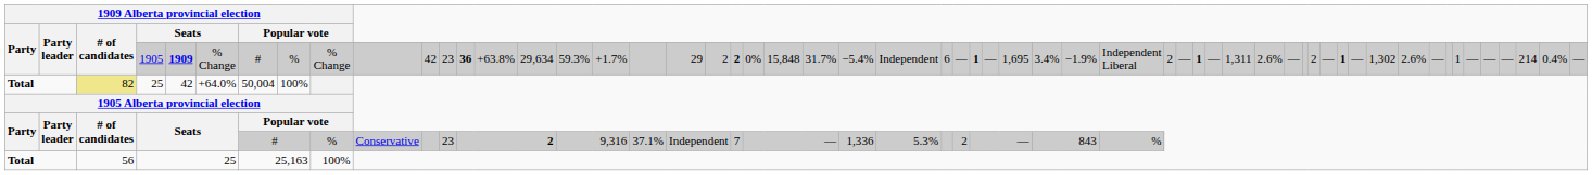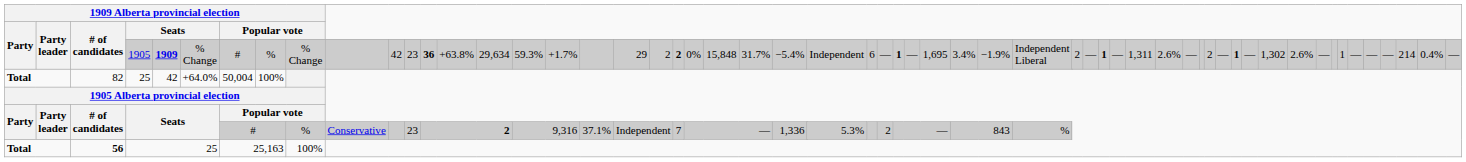 <table class="wikitable" border="1">
 <tr>
 <th colspan="10"><a href='#'>1909 Alberta provincial election</a></th>
 </tr>
 <tr style="background:#ccc;">
 <th rowspan="2" align=left colspan="2">Party</th>
 <th rowspan="2" align=left>Party leader</th>
 <th rowspan="2" align=left># of<br>candidates</th>
 <th colspan="3" align=center>Seats</th>
 <th colspan="3" align=center>Popular vote</th>
 </tr>
 <tr style="background:#ccc;">
 <td align="center"><a href='#'>1905</a></td>
 <td align="center"><strong><a href='#'>1909</a></strong></td>
 <td align="center">% Change</td>
 <td align="center">#</td>
 <td align="center">%</td>
 <td align="center">% Change<br></td>
 <td></td>
 <td align="right">42</td>
 <td align="right">23</td>
 <td align="right"><strong>36</strong></td>
 <td align="right">+63.8%</td>
 <td align="right">29,634</td>
 <td align="right">59.3%</td>
 <td align="right">+1.7%<br></td>
 <td></td>
 <td align="right">29</td>
 <td align="right">2</td>
 <td align="right"><strong>2</strong></td>
 <td align="right">0%</td>
 <td align="right">15,848</td>
 <td align="right">31.7%</td>
 <td align="right">−5.4%<br></td>
 <td colspan="2">Independent</td>
 <td align="right">6</td>
 <td align="right">—</td>
 <td align="right"><strong>1</strong></td>
 <td align="right">—</td>
 <td align="right">1,695</td>
 <td align="right">3.4%</td>
 <td align="right">−1.9%<br></td>
 <td colspan="2">Independent Liberal</td>
 <td align="right">2</td>
 <td align="right">—</td>
 <td align="right"><strong>1</strong></td>
 <td align="right">—</td>
 <td align="right">1,311</td>
 <td align="right">2.6%</td>
 <td align="right">—<br></td>
 <td></td>
 <td align="right">2</td>
 <td align="right">—</td>
 <td align="right"><strong>1</strong></td>
 <td align="right">—</td>
 <td align="right">1,302</td>
 <td align="right">2.6%</td>
 <td align="right">—<br></td>
 <td></td>
 <td align="right">1</td>
 <td align="right">—</td>
 <td align="right">—</td>
 <td align="right">—</td>
 <td align="right">214</td>
 <td align="right">0.4%</td>
 <td align="right">—</td>
 </tr>
 <tr>
 <td colspan="3"><strong>Total</strong></td>
-<td align="right" style="background: khaki;">82</td>
+<td align="right">82</td>
 <td align="right">25</td>
 <td align="right">42</td>
 <td align="right">+64.0%</td>
 <td align="right">50,004</td>
 <td align="right">100%</td>
 <th></th>
 </tr>
 <tr>
 <th colspan="10"><a href='#'>1905 Alberta provincial election</a></th>
 </tr>
 <tr style="background:#ccc;">
 <th rowspan="2" align=left colspan="2">Party</th>
 <th rowspan="2" align=left>Party leader</th>
 <th rowspan="2" align=left># of<br>candidates</th>
 <th rowspan="2" colspan="3" align=center>Seats</th>
 <th colspan="3" align=center>Popular vote</th>
 </tr>
 <tr style="background:#ccc;">
 <td align="center" colspan="2">#</td>
 <td align="center">%<br> </td>
 <td><a href='#'>Conservative</a></td>
 <td></td>
 <td align="right">23</td>
 <td align="right" colspan="3"><strong> 2 </strong></td>
 <td align="right" colspan="2">9,316</td>
 <td align="right">37.1%<br></td>
 <td colspan="2">Independent</td>
 <td align="right">7</td>
 <td align="right" colspan="3">—</td>
 <td align="right" colspan="2">1,336</td>
 <td align="right">5.3%<br></td>
 <td></td>
 <td align="right">2</td>
 <td align="right" colspan="3">—</td>
 <td align="right" colspan="2">843</td>
 <td align="right">%</td>
 </tr>
 <tr>
 <td colspan="3"><strong>Total</strong></td>
-<td align="right">56</td>
+<td align="right"><strong>56</strong></td>
 <td align="right" colspan="3">25</td>
 <td align="right" colspan="2">25,163</td>
 <td align="right">100%</td>
 </tr>
 </table>
